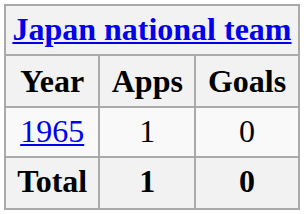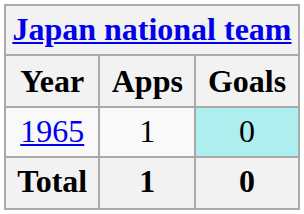 <table class="wikitable" style="text-align:center">
 <tr>
 <th colspan=3><a href='#'>Japan national team</a></th>
 </tr>
 <tr>
 <th>Year</th>
 <th>Apps</th>
 <th>Goals</th>
 </tr>
 <tr>
 <td><a href='#'>1965</a></td>
 <td>1</td>
-<td>0</td>
+<td style="background: paleturquoise;">0</td>
 </tr>
 <tr>
 <th>Total</th>
 <th>1</th>
 <th>0</th>
 </tr>
 </table>
